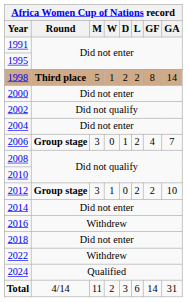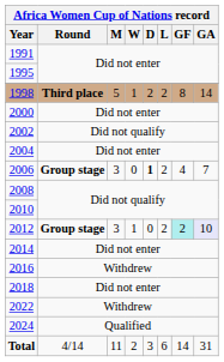 <table class="wikitable" style="text-align: center;">
 <tr>
 <th colspan=8><a href='#'>Africa Women Cup of Nations</a> record</th>
 </tr>
 <tr>
 <th>Year</th>
 <th>Round</th>
 <th>M</th>
 <th>W</th>
 <th>D</th>
 <th>L</th>
 <th>GF</th>
 <th>GA</th>
 </tr>
 <tr>
 <td><a href='#'>1991</a></td>
 <td colspan=8 rowspan=2>Did not enter</td>
 </tr>
 <tr>
 <td><a href='#'>1995</a></td>
 </tr>
 <tr>
 </tr>
 <tr style="background:#cfaa88;">
 <td> <a href='#'>1998</a></td>
 <td><strong>Third place</strong></td>
 <td>5</td>
 <td>1</td>
 <td>2</td>
 <td>2</td>
 <td>8</td>
 <td>14</td>
 </tr>
 <tr>
 <td> <a href='#'>2000</a></td>
 <td colspan=8>Did not enter</td>
 </tr>
 <tr>
 <td> <a href='#'>2002</a></td>
 <td colspan=8>Did not qualify</td>
 </tr>
 <tr>
 <td> <a href='#'>2004</a></td>
 <td colspan=8>Did not enter</td>
 </tr>
 <tr>
 <td> <a href='#'>2006</a></td>
 <td><strong>Group stage</strong></td>
 <td>3</td>
 <td>0</td>
-<td>1</td>
+<td><strong>1</strong></td>
 <td>2</td>
 <td>4</td>
 <td>7</td>
 </tr>
 <tr>
 <td> <a href='#'>2008</a></td>
 <td colspan=8 rowspan=2>Did not qualify</td>
 </tr>
 <tr>
 <td> <a href='#'>2010</a></td>
 </tr>
 <tr>
 <td> <a href='#'>2012</a></td>
 <td><strong>Group stage</strong></td>
 <td>3</td>
 <td>1</td>
 <td>0</td>
 <td>2</td>
-<td>2</td>
-<td>10</td>
+<td style="background: paleturquoise;">2</td>
+<td style="background: lavender;">10</td>
 </tr>
 <tr>
 <td> <a href='#'>2014</a></td>
 <td colspan=8>Did not enter</td>
 </tr>
 <tr>
 <td> <a href='#'>2016</a></td>
 <td colspan=8>Withdrew</td>
 </tr>
 <tr>
 <td> <a href='#'>2018</a></td>
 <td colspan=8>Did not enter</td>
 </tr>
 <tr>
 <td> <a href='#'>2022</a></td>
 <td colspan=8>Withdrew</td>
 </tr>
 <tr>
 <td> <a href='#'>2024</a></td>
 <td colspan=8>Qualified</td>
 </tr>
 <tr>
 <td><strong>Total</strong></td>
 <td>4/14</td>
 <td>11</td>
 <td>2</td>
 <td>3</td>
 <td>6</td>
 <td>14</td>
 <td>31</td>
 </tr>
 </table>
